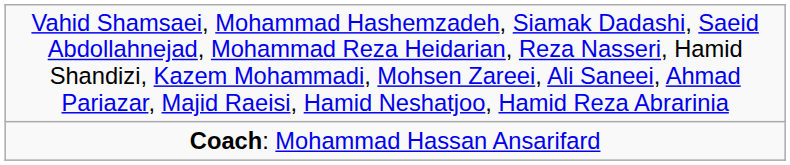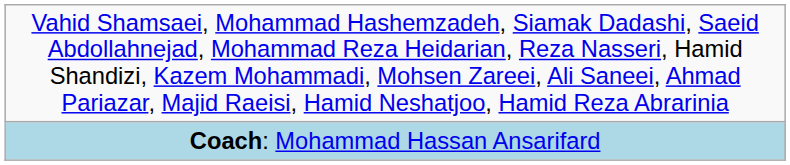 <table class="wikitable" style="text-align:center; width:33em; margin:0.5em auto;">
 <tr>
 <td><a href='#'>Vahid Shamsaei</a>, <a href='#'>Mohammad Hashemzadeh</a>, <a href='#'>Siamak Dadashi</a>, <a href='#'>Saeid Abdollahnejad</a>, <a href='#'>Mohammad Reza Heidarian</a>, <a href='#'>Reza Nasseri</a>, Hamid Shandizi, <a href='#'>Kazem Mohammadi</a>, <a href='#'>Mohsen Zareei</a>, <a href='#'>Ali Saneei</a>, <a href='#'>Ahmad Pariazar</a>, <a href='#'>Majid Raeisi</a>, <a href='#'>Hamid Neshatjoo</a>, <a href='#'>Hamid Reza Abrarinia</a></td>
 </tr>
 <tr>
-<td><strong>Coach</strong>:  <a href='#'>Mohammad Hassan Ansarifard</a></td>
+<td style="background: lightblue;"><strong>Coach</strong>:  <a href='#'>Mohammad Hassan Ansarifard</a></td>
 </tr>
 </table>
